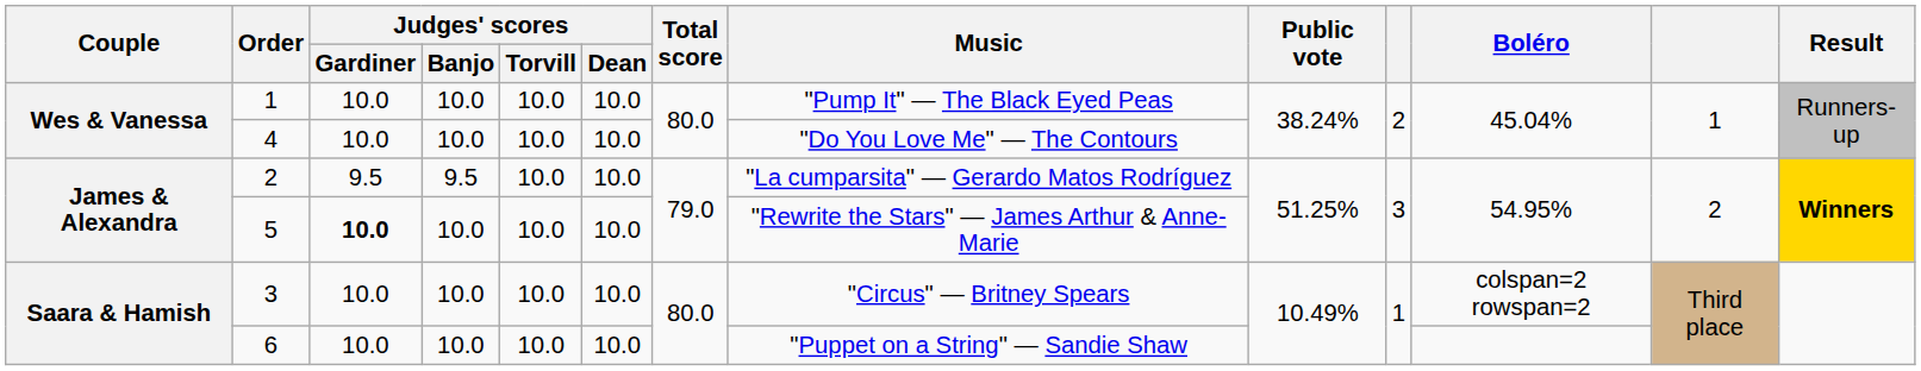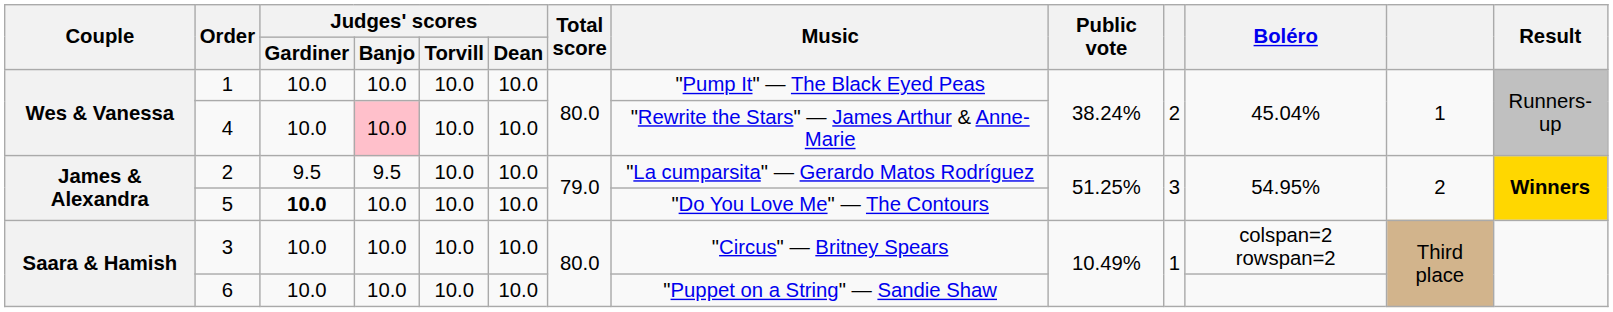 <table class="wikitable sortable" style="text-align:center; font-size:90%; width:90%">
 <tr>
 <th scope="col" rowspan=2>Couple</th>
 <th scope="col" rowspan=2>Order</th>
 <th scope="col" colspan=4 class="unsortable">Judges' scores</th>
 <th scope="col" rowspan=2>Total<br>score</th>
 <th scope="col" rowspan=2 class="unsortable">Music</th>
 <th scope="col" rowspan=2 class="unsortable">Public vote</th>
 <th scope="col" rowspan=2 class="unsortable"></th>
 <th scope="col" rowspan=2 class="unsortable"><a href='#'>Boléro</a></th>
 <th scope="col" rowspan=2 class="unsortable"></th>
 <th scope="col" rowspan=2 class="unsortable">Result</th>
 </tr>
 <tr>
 <th class="unsortable">Gardiner</th>
 <th class="unsortable">Banjo</th>
 <th class="unsortable">Torvill</th>
 <th class="unsortable">Dean</th>
 </tr>
 <tr>
 <th rowspan=2 scope="row">Wes & Vanessa</th>
 <td>1</td>
 <td>10.0</td>
 <td>10.0</td>
 <td>10.0</td>
 <td>10.0</td>
 <td rowspan="2">80.0</td>
 <td>"<a href='#'>Pump It</a>" — <a href='#'>The Black Eyed Peas</a></td>
 <td rowspan=2>38.24%</td>
 <td rowspan="2">2</td>
 <td rowspan=2>45.04%</td>
 <td rowspan="2">1</td>
 <td rowspan=2 bgcolor="silver">Runners-up</td>
 </tr>
 <tr>
 <td>4</td>
 <td>10.0</td>
+<td style="background: pink;">10.0</td>
 <td>10.0</td>
 <td>10.0</td>
-<td>10.0</td>
-<td>"<a href='#'>Do You Love Me</a>" — <a href='#'>The Contours</a></td>
+<td>"<a href='#'>Rewrite the Stars</a>" — <a href='#'>James Arthur</a> & <a href='#'>Anne-Marie</a></td>
 </tr>
 <tr>
 <th rowspan=2 scope="row">James & Alexandra</th>
 <td>2</td>
 <td>9.5</td>
 <td>9.5</td>
 <td>10.0</td>
 <td>10.0</td>
 <td rowspan="2">79.0</td>
 <td>"<a href='#'>La cumparsita</a>" — <a href='#'>Gerardo Matos Rodríguez</a></td>
 <td rowspan=2>51.25%</td>
 <td rowspan="2">3</td>
 <td rowspan=2>54.95%</td>
 <td rowspan="2">2</td>
 <td rowspan=2 bgcolor="gold"><strong>Winners</strong></td>
 </tr>
 <tr>
 <td>5</td>
 <td><strong>10.0</strong></td>
 <td>10.0</td>
 <td>10.0</td>
 <td>10.0</td>
-<td>"<a href='#'>Rewrite the Stars</a>" — <a href='#'>James Arthur</a> & <a href='#'>Anne-Marie</a></td>
+<td>"<a href='#'>Do You Love Me</a>" — <a href='#'>The Contours</a></td>
 </tr>
 <tr>
 <th rowspan=2 scope="row">Saara & Hamish</th>
 <td>3</td>
 <td>10.0</td>
 <td>10.0</td>
 <td>10.0</td>
 <td>10.0</td>
 <td rowspan="2">80.0</td>
 <td>"<a href='#'>Circus</a>" — <a href='#'>Britney Spears</a></td>
 <td rowspan=2>10.49%</td>
 <td rowspan="2">1</td>
 <td>colspan=2 rowspan=2 </td>
 <td rowspan=2 bgcolor=tan>Third place</td>
 </tr>
 <tr>
 <td>6</td>
 <td>10.0</td>
 <td>10.0</td>
 <td>10.0</td>
 <td>10.0</td>
 <td>"<a href='#'>Puppet on a String</a>" — <a href='#'>Sandie Shaw</a></td>
 </tr>
 </table>
